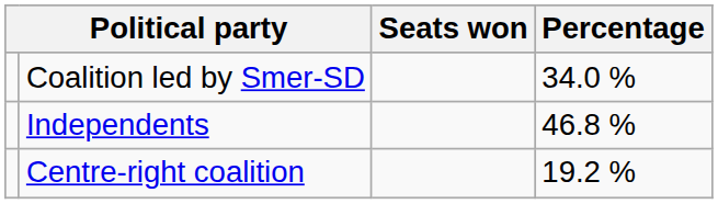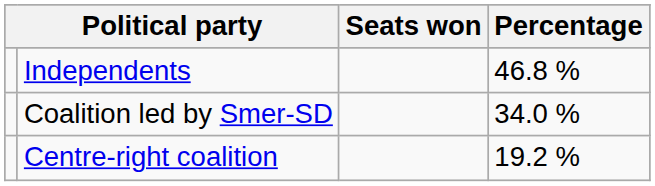 <table class="wikitable" style="text-align: left;">
 <tr>
 <th colspan="2">Political party</th>
 <th>Seats won</th>
 <th>Percentage</th>
+</tr>
+<tr>
+<td style="background:"></td>
+<td><a href='#'>Independents</a></td>
+<td></td>
+<td>46.8 %</td>
 </tr>
 <tr>
 <td style="background:"></td>
 <td>Coalition led by <a href='#'>Smer-SD</a></td>
 <td></td>
 <td>34.0 %</td>
 </tr>
 <tr>
 <td style="background:"></td>
-<td><a href='#'>Independents</a></td>
-<td></td>
-<td>46.8 %</td>
-</tr>
-<tr>
-<td style="background:"></td>
 <td><a href='#'>Centre-right coalition</a></td>
 <td></td>
 <td>19.2 %</td>
 </tr>
 </table>
